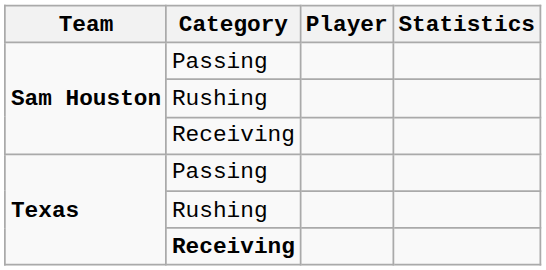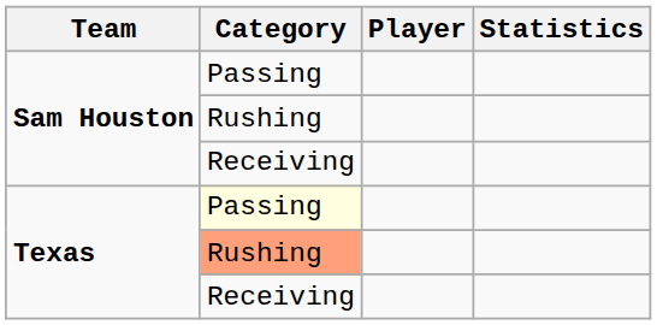 <table class="wikitable" style="float: right;">
 <tr>
 <th>Team</th>
 <th>Category</th>
 <th>Player</th>
 <th>Statistics</th>
 </tr>
 <tr>
 <td rowspan=3><strong>Sam Houston</strong></td>
 <td>Passing</td>
 <td></td>
 <td></td>
 </tr>
 <tr>
 <td>Rushing</td>
 <td></td>
 <td></td>
 </tr>
 <tr>
 <td>Receiving</td>
 <td></td>
 <td></td>
 </tr>
 <tr>
 <td rowspan=3><strong>Texas</strong></td>
-<td>Passing</td>
+<td style="background: lightyellow;">Passing</td>
 <td></td>
 <td></td>
 </tr>
 <tr>
-<td>Rushing</td>
+<td style="background: lightsalmon;">Rushing</td>
 <td></td>
 <td></td>
 </tr>
 <tr>
-<td><strong>Receiving</strong></td>
+<td>Receiving</td>
 <td></td>
 <td></td>
 </tr>
 </table>
